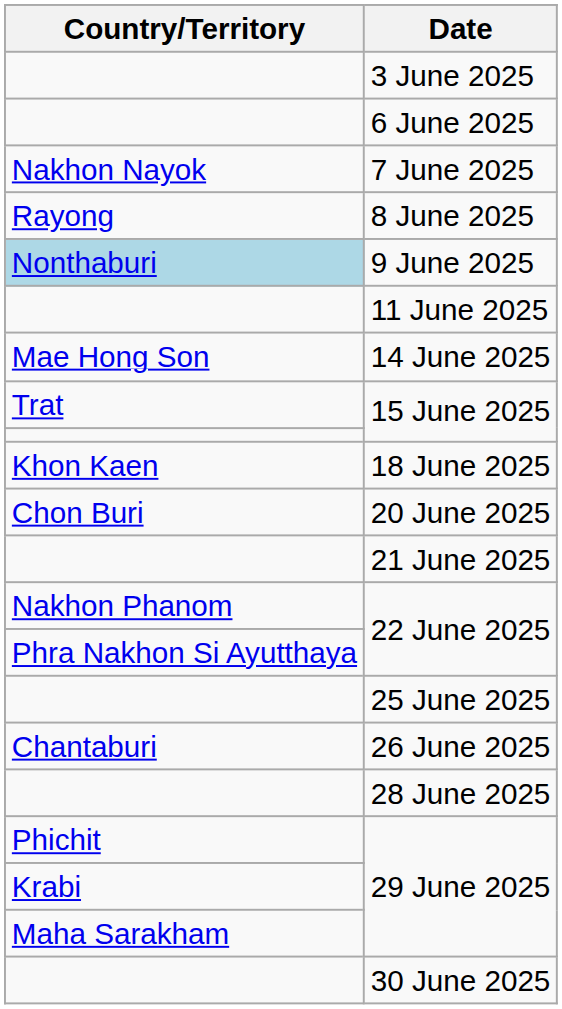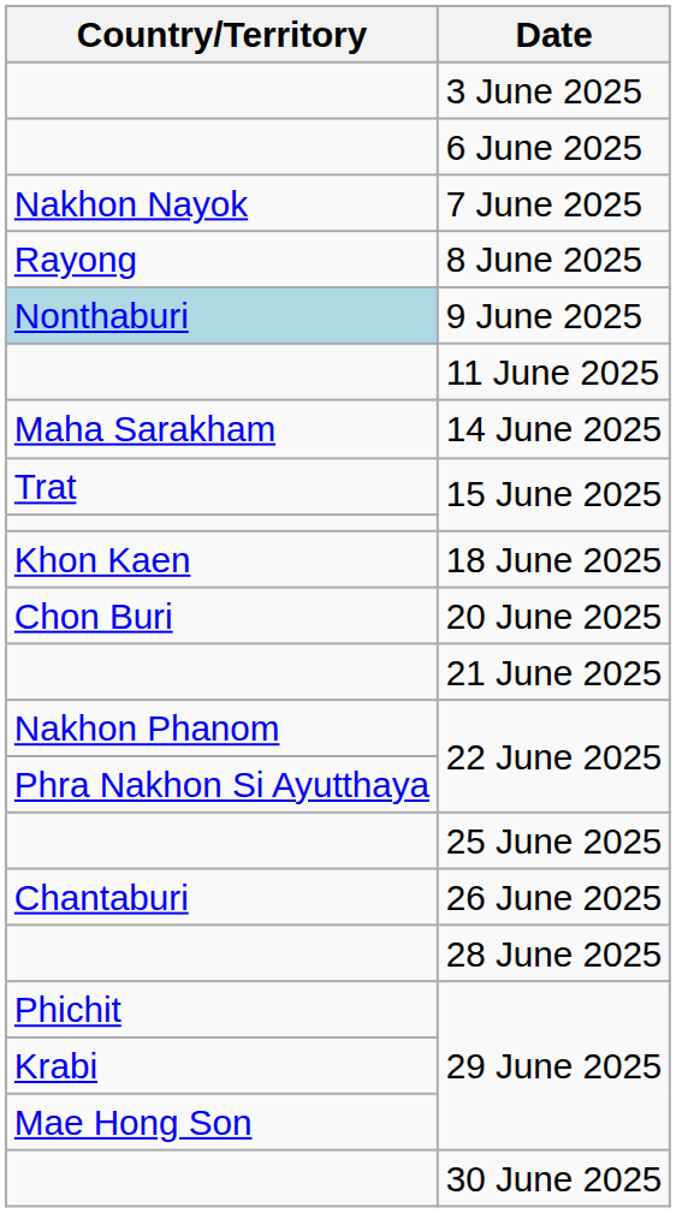 <table class="wikitable sortable" style="font-size: 95%;">
 <tr>
 <th>Country/Territory</th>
 <th>Date</th>
 </tr>
 <tr>
 <td></td>
 <td>3 June 2025</td>
 </tr>
 <tr>
 <td></td>
 <td>6 June 2025</td>
 </tr>
 <tr>
 <td><a href='#'>Nakhon Nayok</a></td>
 <td>7 June 2025</td>
 </tr>
 <tr>
 <td><a href='#'>Rayong</a></td>
 <td>8 June 2025</td>
 </tr>
 <tr>
 <td style="background: lightblue;"><a href='#'>Nonthaburi</a></td>
 <td>9 June 2025</td>
 </tr>
 <tr>
 <td></td>
 <td>11 June 2025</td>
 </tr>
 <tr>
-<td><a href='#'>Mae Hong Son</a></td>
+<td><a href='#'>Maha Sarakham</a></td>
 <td>14 June 2025</td>
 </tr>
 <tr>
 <td><a href='#'>Trat</a></td>
 <td rowspan="2">15 June 2025</td>
 </tr>
 <tr>
 <td></td>
 </tr>
 <tr>
 <td><a href='#'>Khon Kaen</a></td>
 <td>18 June 2025</td>
 </tr>
 <tr>
 <td><a href='#'>Chon Buri</a></td>
 <td>20 June 2025</td>
 </tr>
 <tr>
 <td></td>
 <td>21 June 2025</td>
 </tr>
 <tr>
 <td><a href='#'>Nakhon Phanom</a></td>
 <td rowspan="2">22 June 2025</td>
 </tr>
 <tr>
 <td><a href='#'>Phra Nakhon Si Ayutthaya</a></td>
 </tr>
 <tr>
 <td></td>
 <td>25 June 2025</td>
 </tr>
 <tr>
 <td><a href='#'>Chantaburi</a></td>
 <td>26 June 2025</td>
 </tr>
 <tr>
 <td></td>
 <td>28 June 2025</td>
 </tr>
 <tr>
 <td><a href='#'>Phichit</a></td>
 <td rowspan="3">29 June 2025</td>
 </tr>
 <tr>
 <td><a href='#'>Krabi</a></td>
 </tr>
 <tr>
-<td><a href='#'>Maha Sarakham</a></td>
+<td><a href='#'>Mae Hong Son</a></td>
 </tr>
 <tr>
 <td></td>
 <td>30 June 2025</td>
 </tr>
 </table>
